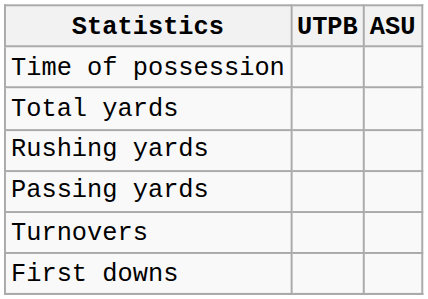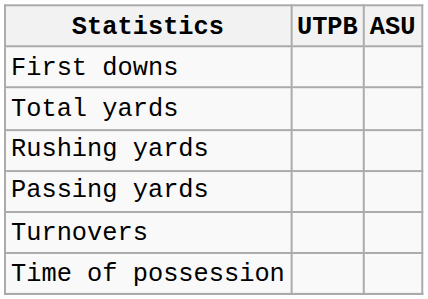 <table class="wikitable" style="float: left;">
 <tr>
 <th>Statistics</th>
 <th>UTPB</th>
 <th>ASU</th>
 </tr>
 <tr>
-<td>Time of possession</td>
+<td>First downs</td>
 <td></td>
 <td></td>
 </tr>
 <tr>
 <td>Total yards</td>
 <td></td>
 <td></td>
 </tr>
 <tr>
 <td>Rushing yards</td>
 <td></td>
 <td></td>
 </tr>
 <tr>
 <td>Passing yards</td>
 <td></td>
 <td></td>
 </tr>
 <tr>
 <td>Turnovers</td>
 <td></td>
 <td></td>
 </tr>
 <tr>
-<td>First downs</td>
+<td>Time of possession</td>
 <td></td>
 <td></td>
 </tr>
 <tr>
 </tr>
 </table>
